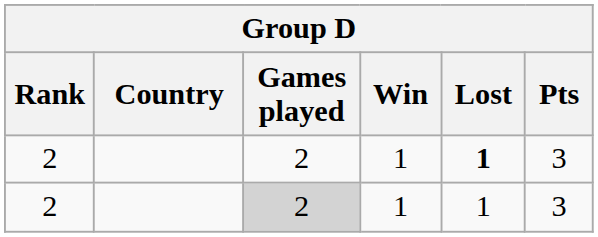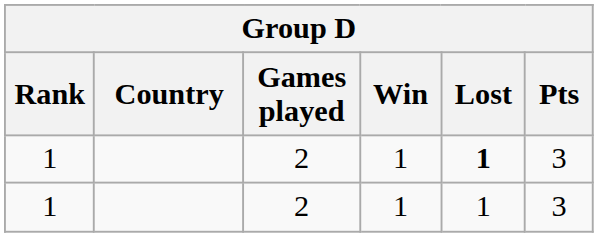 <table class="wikitable" style= "text-align: center; Width:50%">
 <tr>
 <th colspan= 6>Group D</th>
 </tr>
 <tr>
 <th width=2%>Rank</th>
 <th width=10%>Country</th>
 <th width=5%>Games <br> played</th>
 <th width=5%>Win</th>
 <th width=5%>Lost</th>
 <th width=5%>Pts</th>
 </tr>
 <tr>
-<td>2</td>
+<td>1</td>
 <td style= "text-align: left"></td>
 <td>2</td>
 <td>1</td>
 <td><strong>1</strong></td>
 <td>3</td>
 </tr>
 <tr>
+<td>1</td>
+<td style= "text-align: left"></td>
 <td>2</td>
-<td style= "text-align: left"></td>
-<td style="background: lightgrey;">2</td>
 <td>1</td>
 <td>1</td>
 <td>3</td>
 </tr>
 </table>
